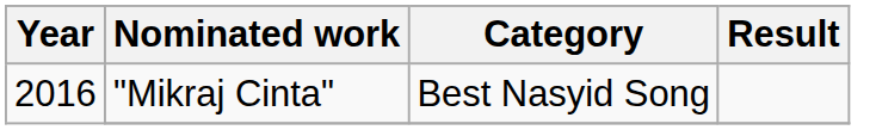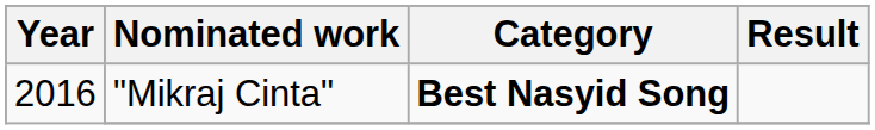 <table class="wikitable">
 <tr>
 <th>Year</th>
 <th>Nominated work</th>
 <th>Category</th>
 <th>Result</th>
 </tr>
 <tr>
 <td rowspan="2">2016</td>
 <td rowspan="1">"Mikraj Cinta"</td>
-<td rowspan="1">Best Nasyid Song</td>
+<td rowspan="1"><strong>Best Nasyid Song</strong></td>
 <td></td>
 </tr>
 <tr>
 </tr>
 </table>
